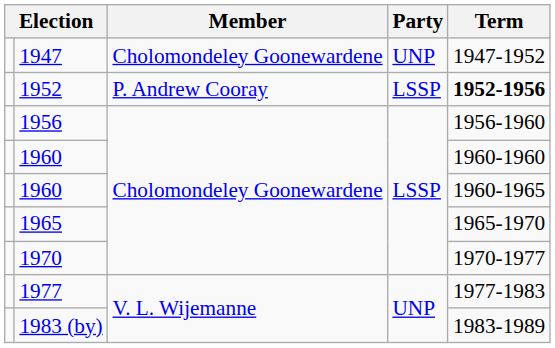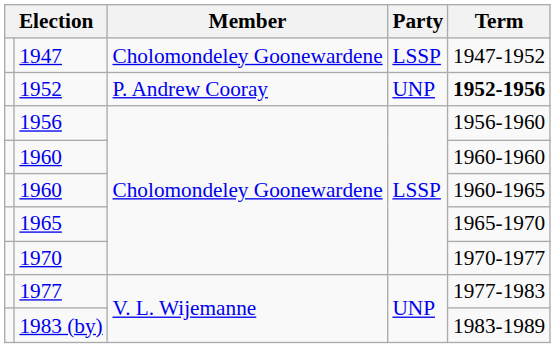 <table class="wikitable">
 <tr>
 <th colspan="2">Election</th>
 <th>Member</th>
 <th>Party</th>
 <th>Term</th>
 </tr>
 <tr>
 <td style="background-color: "></td>
 <td><a href='#'>1947</a></td>
 <td><a href='#'>Cholomondeley Goonewardene</a></td>
-<td><a href='#'>UNP</a></td>
+<td><a href='#'>LSSP</a></td>
 <td>1947-1952</td>
 </tr>
 <tr>
 <td style="background-color: "></td>
 <td><a href='#'>1952</a></td>
 <td><a href='#'>P. Andrew Cooray</a></td>
-<td><a href='#'>LSSP</a></td>
+<td><a href='#'>UNP</a></td>
 <td><strong>1952-1956</strong></td>
 </tr>
 <tr>
 <td style="background-color: "></td>
 <td><a href='#'>1956</a></td>
 <td rowspan=5><a href='#'>Cholomondeley Goonewardene</a></td>
 <td rowspan=5><a href='#'>LSSP</a></td>
 <td>1956-1960</td>
 </tr>
 <tr>
 <td style="background-color: "></td>
 <td><a href='#'>1960</a></td>
 <td>1960-1960</td>
 </tr>
 <tr>
 <td style="background-color: "></td>
 <td><a href='#'>1960</a></td>
 <td>1960-1965</td>
 </tr>
 <tr>
 <td style="background-color: "></td>
 <td><a href='#'>1965</a></td>
 <td>1965-1970</td>
 </tr>
 <tr>
 <td style="background-color: "></td>
 <td><a href='#'>1970</a></td>
 <td>1970-1977</td>
 </tr>
 <tr>
 <td style="background-color: "></td>
 <td><a href='#'>1977</a></td>
 <td rowspan=2><a href='#'>V. L. Wijemanne</a></td>
 <td rowspan=2><a href='#'>UNP</a></td>
 <td>1977-1983</td>
 </tr>
 <tr>
 <td style="background-color: "></td>
 <td><a href='#'>1983 (by)</a></td>
 <td>1983-1989</td>
 </tr>
 </table>
